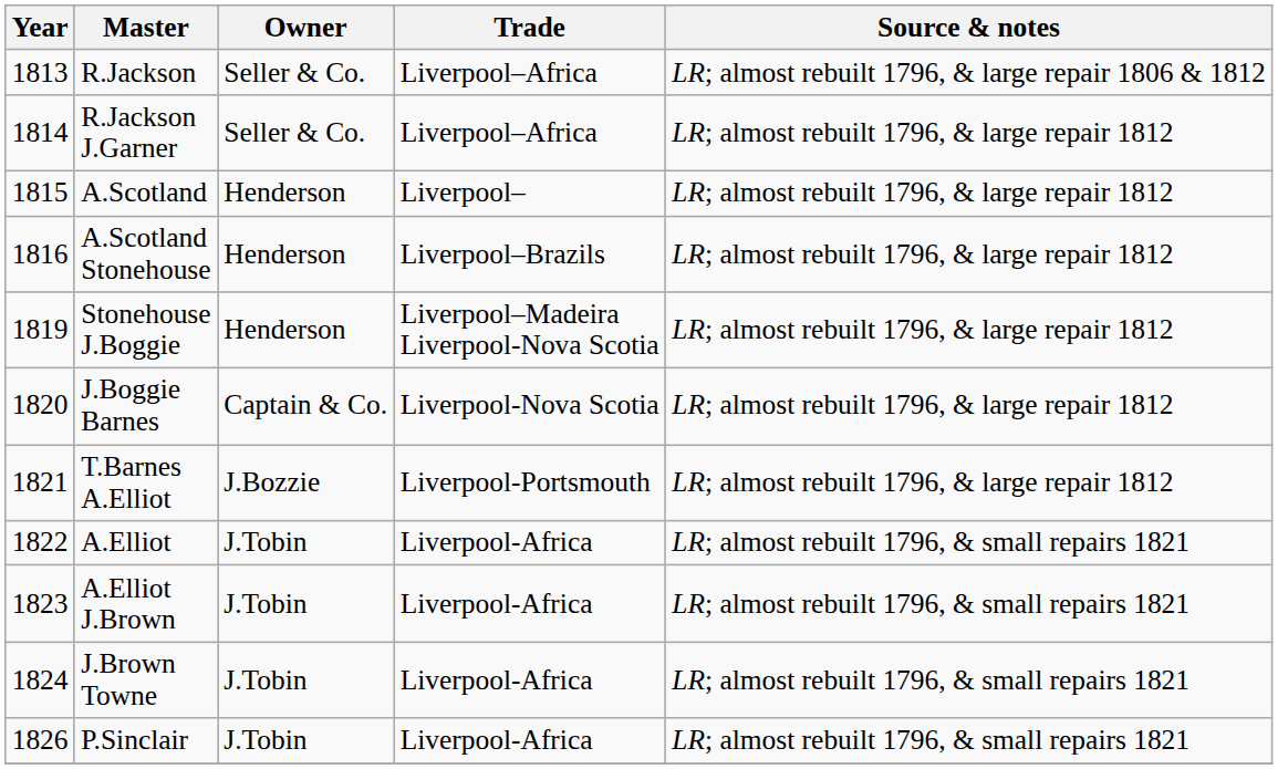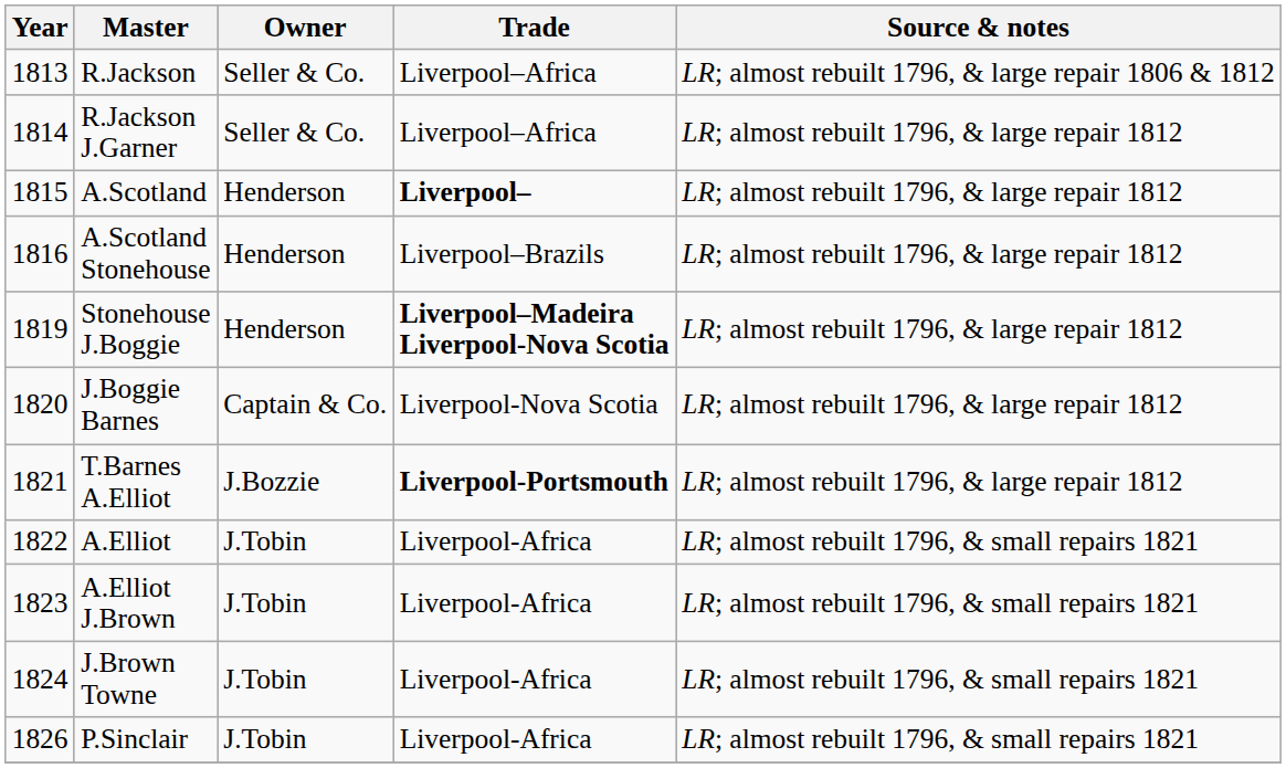 <table class=" wikitable">
 <tr>
 <th>Year</th>
 <th>Master</th>
 <th>Owner</th>
 <th>Trade</th>
 <th>Source & notes</th>
 </tr>
 <tr>
 <td>1813</td>
 <td>R.Jackson</td>
 <td>Seller & Co.</td>
 <td>Liverpool–Africa</td>
 <td><em>LR</em>; almost rebuilt 1796, & large repair 1806 & 1812</td>
 </tr>
 <tr>
 <td>1814</td>
 <td>R.Jackson<br>J.Garner</td>
 <td>Seller & Co.</td>
 <td>Liverpool–Africa</td>
 <td><em>LR</em>; almost rebuilt 1796, & large repair 1812</td>
 </tr>
 <tr>
 <td>1815</td>
 <td>A.Scotland</td>
 <td>Henderson</td>
-<td>Liverpool–</td>
+<td><strong>Liverpool–</strong></td>
 <td><em>LR</em>; almost rebuilt 1796, & large repair 1812</td>
 </tr>
 <tr>
 <td>1816</td>
 <td>A.Scotland<br>Stonehouse</td>
 <td>Henderson</td>
 <td>Liverpool–Brazils</td>
 <td><em>LR</em>; almost rebuilt 1796, & large repair 1812</td>
 </tr>
 <tr>
 <td>1819</td>
 <td>Stonehouse<br>J.Boggie</td>
 <td>Henderson</td>
-<td>Liverpool–Madeira<br>Liverpool-Nova Scotia</td>
+<td><strong>Liverpool–Madeira<br>Liverpool-Nova Scotia</strong></td>
 <td><em>LR</em>; almost rebuilt 1796, & large repair 1812</td>
 </tr>
 <tr>
 <td>1820</td>
 <td>J.Boggie<br>Barnes</td>
 <td>Captain & Co.</td>
 <td>Liverpool-Nova Scotia</td>
 <td><em>LR</em>; almost rebuilt 1796, & large repair 1812</td>
 </tr>
 <tr>
 <td>1821</td>
 <td>T.Barnes<br>A.Elliot</td>
 <td>J.Bozzie</td>
-<td>Liverpool-Portsmouth</td>
+<td><strong>Liverpool-Portsmouth</strong></td>
 <td><em>LR</em>; almost rebuilt 1796, & large repair 1812</td>
 </tr>
 <tr>
 <td>1822</td>
 <td>A.Elliot</td>
 <td>J.Tobin</td>
 <td>Liverpool-Africa</td>
 <td><em>LR</em>; almost rebuilt 1796, & small repairs 1821</td>
 </tr>
 <tr>
 <td>1823</td>
 <td>A.Elliot<br>J.Brown</td>
 <td>J.Tobin</td>
 <td>Liverpool-Africa</td>
 <td><em>LR</em>; almost rebuilt 1796, & small repairs 1821</td>
 </tr>
 <tr>
 <td>1824</td>
 <td>J.Brown<br>Towne</td>
 <td>J.Tobin</td>
 <td>Liverpool-Africa</td>
 <td><em>LR</em>; almost rebuilt 1796, & small repairs 1821</td>
 </tr>
 <tr>
 <td>1826</td>
 <td>P.Sinclair</td>
 <td>J.Tobin</td>
 <td>Liverpool-Africa</td>
 <td><em>LR</em>; almost rebuilt 1796, & small repairs 1821</td>
 </tr>
 <tr>
 </tr>
 </table>
